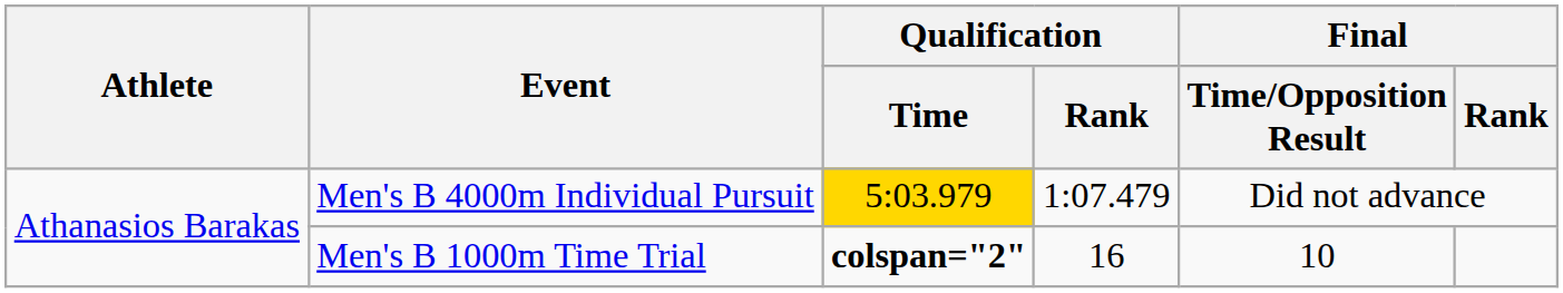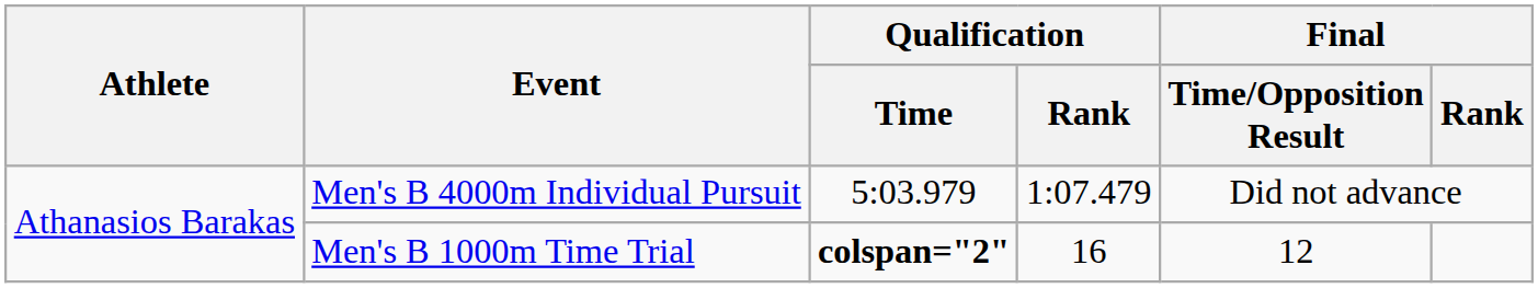 <table class=wikitable style="font-size:90%">
 <tr>
 <th rowspan="2">Athlete</th>
 <th rowspan="2">Event</th>
 <th colspan="2">Qualification</th>
 <th colspan="2">Final</th>
 </tr>
 <tr>
 <th>Time</th>
 <th>Rank</th>
 <th>Time/Opposition<br>Result</th>
 <th>Rank</th>
 </tr>
 <tr align=center>
 <td align=left rowspan=2><a href='#'>Athanasios Barakas</a></td>
 <td align=left><a href='#'>Men's B 4000m Individual Pursuit</a></td>
-<td style="background: gold;">5:03.979</td>
+<td>5:03.979</td>
 <td>1:07.479</td>
 <td colspan=2>Did not advance</td>
 </tr>
 <tr align=center>
 <td align=left><a href='#'>Men's B 1000m Time Trial</a></td>
 <td><strong>colspan="2" </strong></td>
 <td>16</td>
-<td>10</td>
+<td>12</td>
 </tr>
 </table>
